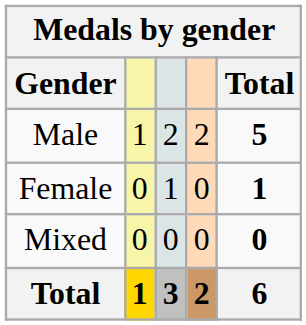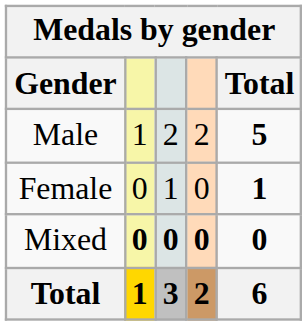 <table class=wikitable style=font-size:85%;float:right;text-align:center>
 <tr>
 <th colspan=5>Medals by gender</th>
 </tr>
 <tr>
 <th>Gender</th>
 <td bgcolor=F7F6A8></td>
 <td bgcolor=DCE5E5></td>
 <td bgcolor=FFDAB9></td>
 <th>Total</th>
 </tr>
 <tr>
 <td>Male</td>
 <td bgcolor=F7F6A8>1</td>
 <td bgcolor=DCE5E5>2</td>
 <td bgcolor=FFDAB9>2</td>
 <td><strong>5</strong></td>
 </tr>
 <tr>
 <td>Female</td>
 <td bgcolor=F7F6A8>0</td>
 <td bgcolor=DCE5E5>1</td>
 <td bgcolor=FFDAB9>0</td>
 <td><strong>1</strong></td>
 </tr>
 <tr>
 <td>Mixed</td>
-<td bgcolor=F7F6A8>0</td>
-<td bgcolor=DCE5E5>0</td>
-<td bgcolor=FFDAB9>0</td>
+<td bgcolor=F7F6A8><strong>0</strong></td>
+<td bgcolor=DCE5E5><strong>0</strong></td>
+<td bgcolor=FFDAB9><strong>0</strong></td>
 <td><strong>0</strong></td>
 </tr>
 <tr>
 <th>Total</th>
 <th style=background:gold>1</th>
 <th style=background:silver>3</th>
 <th style=background:#c96>2</th>
 <th>6</th>
 </tr>
 </table>
